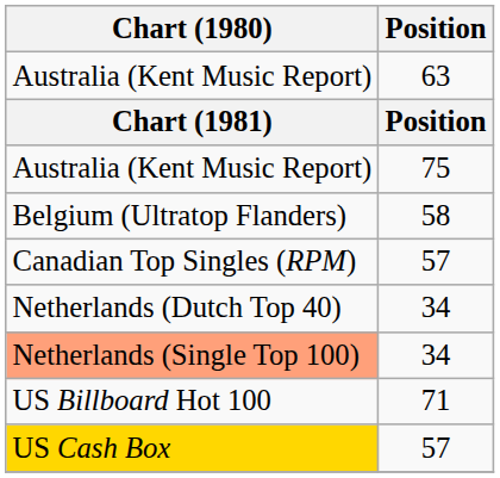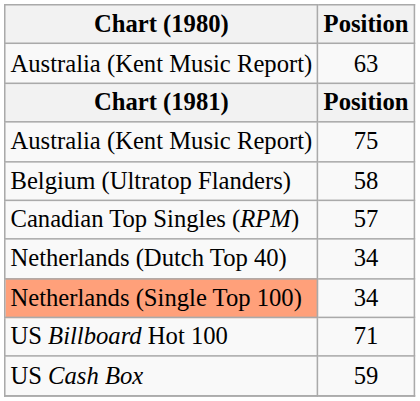 <table class="wikitable sortable">
 <tr>
 <th align="left">Chart (1980)</th>
 <th style="text-align:center;">Position</th>
 </tr>
 <tr>
 <td>Australia (Kent Music Report)</td>
 <td style="text-align:center;">63</td>
 </tr>
 <tr>
 <th align="left">Chart (1981)</th>
 <th style="text-align:center;">Position</th>
 </tr>
 <tr>
 <td>Australia (Kent Music Report)</td>
 <td style="text-align:center;">75</td>
 </tr>
 <tr>
 <td>Belgium (Ultratop Flanders)</td>
 <td style="text-align:center;">58</td>
 </tr>
 <tr>
 <td>Canadian Top Singles (<em>RPM</em>)</td>
 <td style="text-align:center;">57</td>
 </tr>
 <tr>
 <td>Netherlands (Dutch Top 40)</td>
 <td style="text-align:center;">34</td>
 </tr>
 <tr>
 <td style="background: lightsalmon;">Netherlands (Single Top 100)</td>
 <td style="text-align:center;">34</td>
 </tr>
 <tr>
 <td>US <em>Billboard</em> Hot 100</td>
 <td style="text-align:center;">71</td>
 </tr>
 <tr>
-<td style="background: gold;">US <em>Cash Box</em> </td>
-<td style="text-align:center;">57</td>
+<td>US <em>Cash Box</em> </td>
+<td style="text-align:center;">59</td>
 </tr>
 <tr>
 </tr>
 </table>
